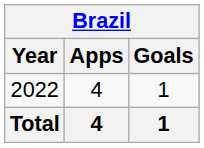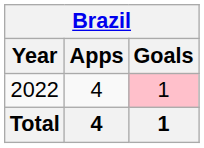 <table class="wikitable" style="text-align:center">
 <tr>
 <th colspan=3><a href='#'>Brazil</a></th>
 </tr>
 <tr>
 <th>Year</th>
 <th>Apps</th>
 <th>Goals</th>
 </tr>
 <tr>
 <td>2022</td>
 <td>4</td>
-<td>1</td>
+<td style="background: pink;">1</td>
 </tr>
 <tr>
 <th>Total</th>
 <th>4</th>
 <th>1</th>
 </tr>
 </table>
